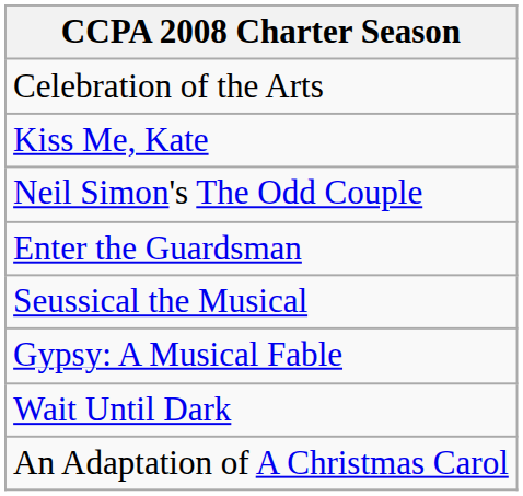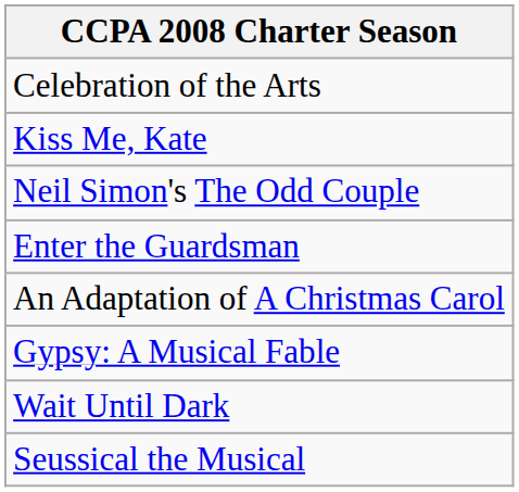 <table class="wikitable">
 <tr>
 <th>CCPA 2008 Charter Season</th>
 </tr>
 <tr>
 <td>Celebration of the Arts</td>
 </tr>
 <tr>
 <td><a href='#'>Kiss Me, Kate</a></td>
 </tr>
 <tr>
 <td><a href='#'>Neil Simon</a>'s <a href='#'>The Odd Couple</a></td>
 </tr>
 <tr>
 <td><a href='#'>Enter the Guardsman</a></td>
 </tr>
 <tr>
-<td><a href='#'>Seussical the Musical</a></td>
+<td>An Adaptation of <a href='#'>A Christmas Carol</a></td>
 </tr>
 <tr>
 <td><a href='#'>Gypsy: A Musical Fable</a></td>
 </tr>
 <tr>
 <td><a href='#'>Wait Until Dark</a></td>
 </tr>
 <tr>
-<td>An Adaptation of <a href='#'>A Christmas Carol</a></td>
+<td><a href='#'>Seussical the Musical</a></td>
 </tr>
 </table>
